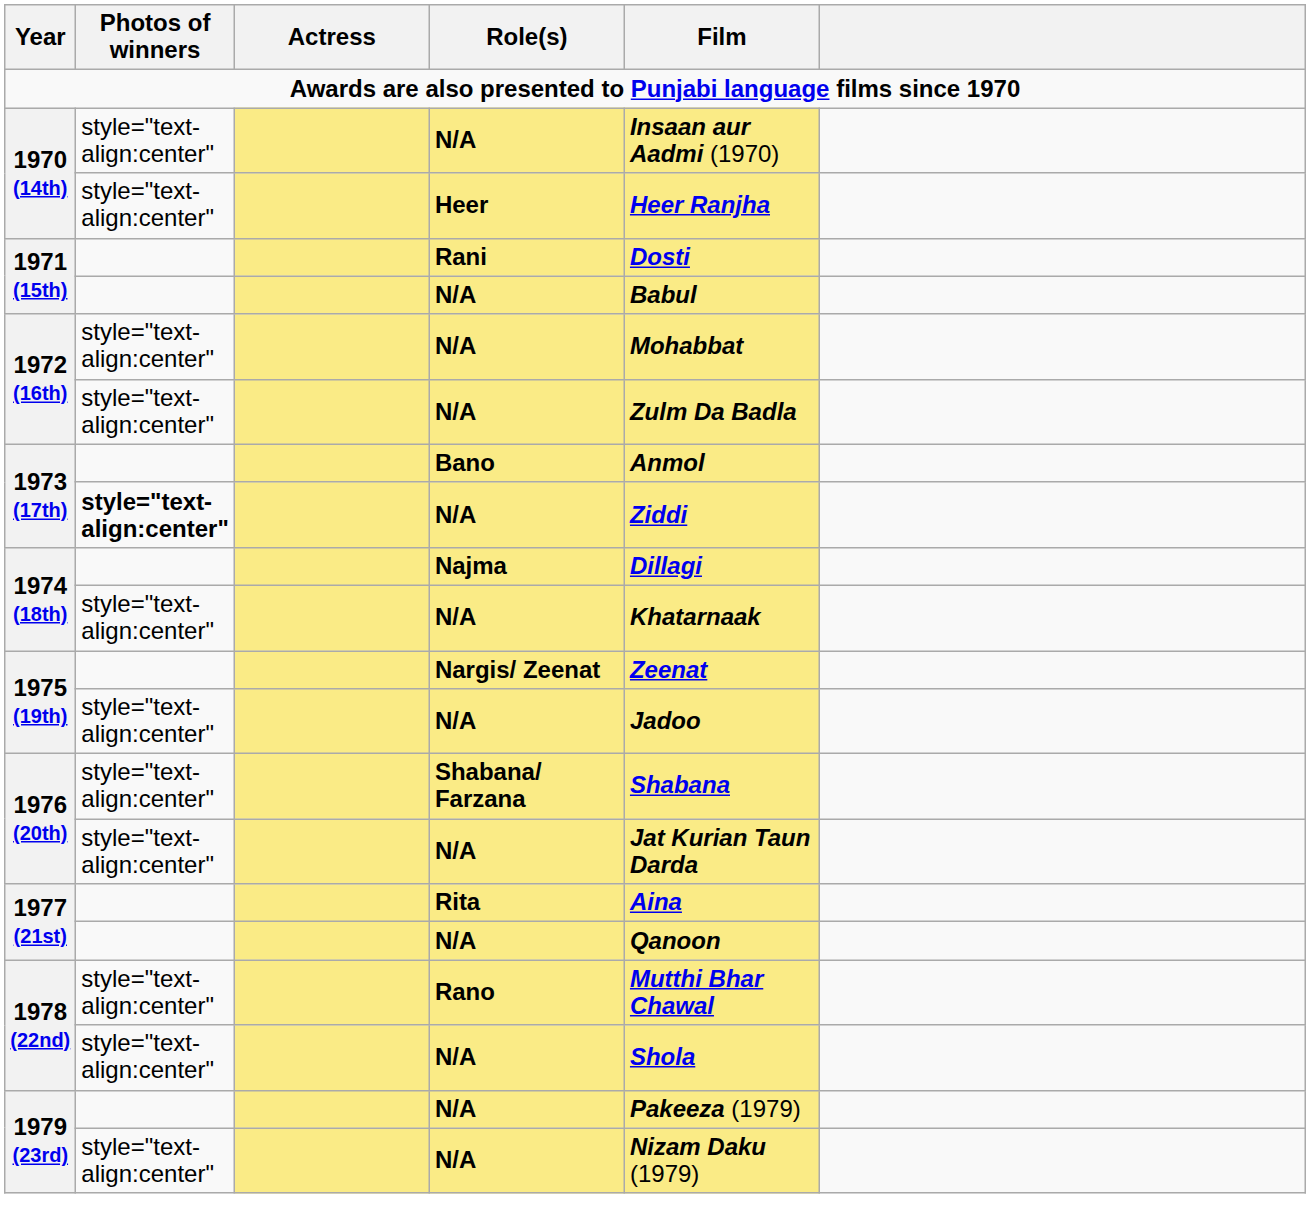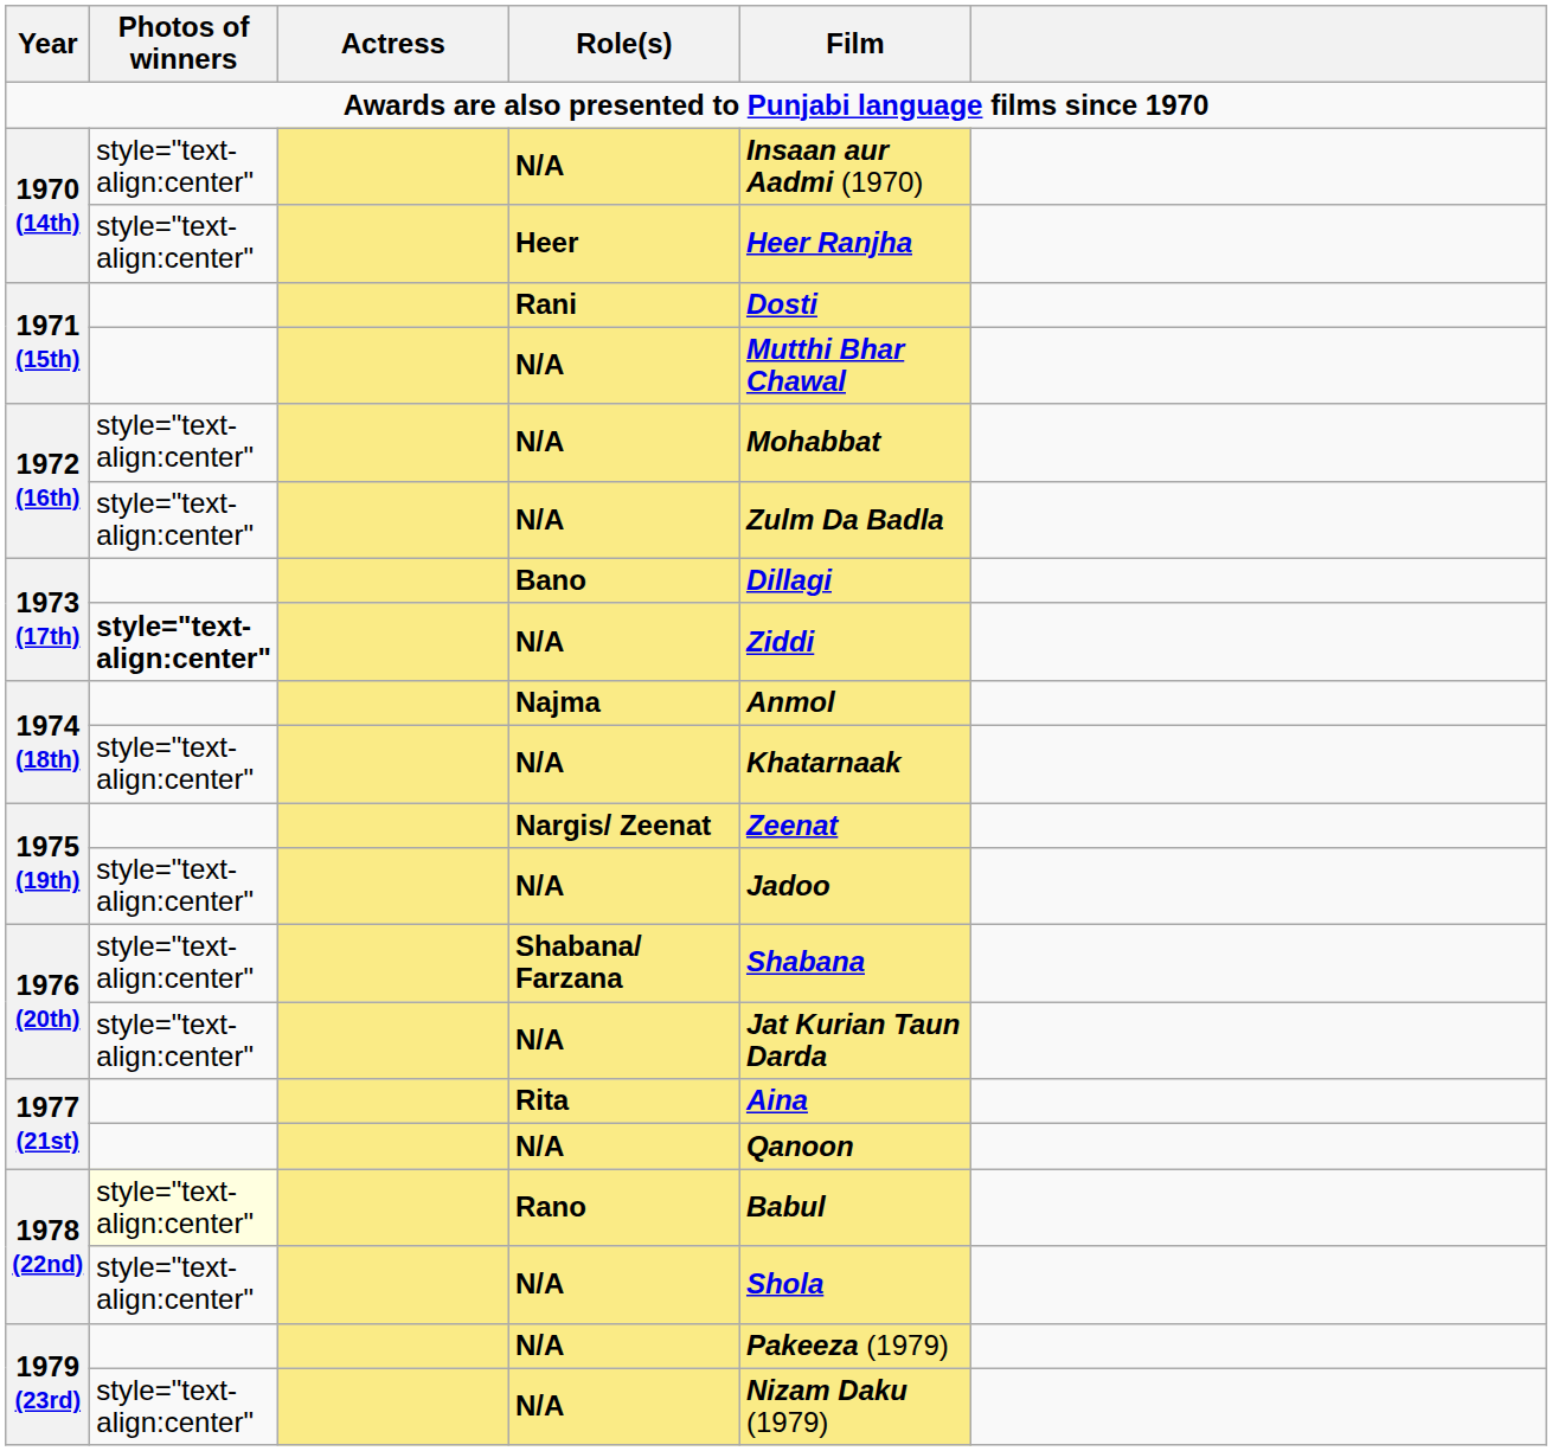 <table class="wikitable sortable" style="text-align:left;">
 <tr>
 <th scope="col" style="width:3%; text-align:center;">Year</th>
 <th scope="col" style="width:3%;text-align:center;">Photos of winners</th>
 <th scope="col" style="width:15%;text-align:center;">Actress</th>
 <th scope="col" style="width:15%;text-align:center;">Role(s)</th>
 <th scope="col" style="width:15%;text-align:center;">Film</th>
 <th scope="col" class="unsortable"></th>
 </tr>
 <tr>
 <td colspan =6 style="text-align:center"><strong>Awards are also presented to <a href='#'>Punjabi language</a> films since 1970</strong></td>
 </tr>
 <tr>
 <th scope="row" rowspan=2 style="text-align:center">1970 <br><small><a href='#'>(14th)</a> </small></th>
 <td>style="text-align:center" </td>
 <td style="background:#FAEB86;"><strong></strong> </td>
 <td style="background:#FAEB86;"><strong>N/A</strong></td>
 <td style="background:#FAEB86;"><strong><em>Insaan aur Aadmi</em></strong> (1970)</td>
 <td></td>
 </tr>
 <tr>
 <td>style="text-align:center" </td>
 <td style="background:#FAEB86;"><strong></strong> </td>
 <td style="background:#FAEB86;"><strong>Heer</strong></td>
 <td style="background:#FAEB86;"><strong><em><a href='#'>Heer Ranjha</a></em></strong></td>
 <td></td>
 </tr>
 <tr>
 <th scope="row" rowspan=2 style="text-align:center">1971 <br><small><a href='#'>(15th)</a> </small></th>
 <td style="text-align:center"></td>
 <td style="background:#FAEB86;"><strong></strong> </td>
 <td style="background:#FAEB86;"><strong>Rani</strong></td>
 <td style="background:#FAEB86;"><strong><em><a href='#'>Dosti</a></em></strong></td>
 <td></td>
 </tr>
 <tr>
 <td style="text-align:center"></td>
 <td style="background:#FAEB86;"><strong></strong> </td>
 <td style="background:#FAEB86;"><strong>N/A</strong></td>
-<td style="background:#FAEB86;"><strong><em>Babul</em></strong></td>
+<td style="background:#FAEB86;"><strong><em><a href='#'>Mutthi Bhar Chawal</a></em></strong></td>
 <td></td>
 </tr>
 <tr>
 <th scope="row" rowspan=2 style="text-align:center">1972 <br><small><a href='#'>(16th)</a> </small></th>
 <td>style="text-align:center" </td>
 <td style="background:#FAEB86;"><strong></strong> </td>
 <td style="background:#FAEB86;"><strong>N/A</strong></td>
 <td style="background:#FAEB86;"><strong><em>Mohabbat</em></strong></td>
 <td></td>
 </tr>
 <tr>
 <td>style="text-align:center" </td>
 <td style="background:#FAEB86;"><strong></strong> </td>
 <td style="background:#FAEB86;"><strong>N/A</strong></td>
 <td style="background:#FAEB86;"><strong><em>Zulm Da Badla</em></strong></td>
 <td></td>
 </tr>
 <tr>
 <th scope="row" rowspan=2 style="text-align:center">1973 <br><small><a href='#'>(17th)</a> </small></th>
 <td style="text-align:center"></td>
 <td style="background:#FAEB86;"><strong></strong> </td>
 <td style="background:#FAEB86;"><strong>Bano</strong></td>
-<td style="background:#FAEB86;"><strong><em>Anmol</em></strong></td>
+<td style="background:#FAEB86;"><strong><em><a href='#'>Dillagi</a></em></strong></td>
 <td></td>
 </tr>
 <tr>
 <td><strong>style="text-align:center" </strong></td>
 <td style="background:#FAEB86;"><strong></strong> </td>
 <td style="background:#FAEB86;"><strong>N/A</strong></td>
 <td style="background:#FAEB86;"><strong><em><a href='#'>Ziddi</a></em></strong></td>
 <td></td>
 </tr>
 <tr>
 <th scope="row" rowspan=2 style="text-align:center">1974 <br><small><a href='#'>(18th)</a> </small></th>
 <td style="text-align:center"></td>
 <td style="background:#FAEB86;"><strong></strong> </td>
 <td style="background:#FAEB86;"><strong>Najma</strong></td>
-<td style="background:#FAEB86;"><strong><em><a href='#'>Dillagi</a></em></strong></td>
+<td style="background:#FAEB86;"><strong><em>Anmol</em></strong></td>
 <td></td>
 </tr>
 <tr>
 <td>style="text-align:center" </td>
 <td style="background:#FAEB86;"><strong></strong> </td>
 <td style="background:#FAEB86;"><strong>N/A</strong></td>
 <td style="background:#FAEB86;"><strong><em>Khatarnaak</em></strong></td>
 <td></td>
 </tr>
 <tr>
 <th scope="row" rowspan=2 style="text-align:center">1975 <br><small><a href='#'>(19th)</a> </small></th>
 <td style="text-align:center"></td>
 <td style="background:#FAEB86;"><strong></strong> </td>
 <td style="background:#FAEB86;"><strong>Nargis/ Zeenat</strong></td>
 <td style="background:#FAEB86;"><strong><em><a href='#'>Zeenat</a></em></strong></td>
 <td></td>
 </tr>
 <tr>
 <td>style="text-align:center" </td>
 <td style="background:#FAEB86;"><strong></strong> </td>
 <td style="background:#FAEB86;"><strong>N/A</strong></td>
 <td style="background:#FAEB86;"><strong><em>Jadoo</em></strong></td>
 <td></td>
 </tr>
 <tr>
 <th scope="row" rowspan=2 style="text-align:center">1976 <br><small><a href='#'>(20th)</a> </small></th>
 <td>style="text-align:center" </td>
 <td style="background:#FAEB86;"><strong></strong> </td>
 <td style="background:#FAEB86;"><strong>Shabana/ Farzana</strong></td>
 <td style="background:#FAEB86;"><strong><em><a href='#'>Shabana</a></em></strong></td>
 <td></td>
 </tr>
 <tr>
 <td>style="text-align:center" </td>
 <td style="background:#FAEB86;"><strong></strong> </td>
 <td style="background:#FAEB86;"><strong>N/A</strong></td>
 <td style="background:#FAEB86;"><strong><em>Jat Kurian Taun Darda</em></strong></td>
 <td></td>
 </tr>
 <tr>
 <th scope="row" rowspan=2 style="text-align:center">1977 <br><small><a href='#'>(21st)</a> </small></th>
 <td style="text-align:center"></td>
 <td style="background:#FAEB86;"><strong></strong> </td>
 <td style="background:#FAEB86;"><strong>Rita</strong></td>
 <td style="background:#FAEB86;"><strong><em><a href='#'>Aina</a></em></strong></td>
 <td></td>
 </tr>
 <tr>
 <td style="text-align:center"></td>
 <td style="background:#FAEB86;"><strong></strong> </td>
 <td style="background:#FAEB86;"><strong>N/A</strong></td>
 <td style="background:#FAEB86;"><strong><em>Qanoon</em></strong></td>
 <td></td>
 </tr>
 <tr>
 <th scope="row" rowspan=2 style="text-align:center">1978 <br><small><a href='#'>(22nd)</a> </small></th>
-<td>style="text-align:center" </td>
+<td style="background: lightyellow;">style="text-align:center" </td>
 <td style="background:#FAEB86;"><strong></strong> </td>
 <td style="background:#FAEB86;"><strong>Rano</strong></td>
-<td style="background:#FAEB86;"><strong><em><a href='#'>Mutthi Bhar Chawal</a></em></strong></td>
+<td style="background:#FAEB86;"><strong><em>Babul</em></strong></td>
 <td></td>
 </tr>
 <tr>
 <td>style="text-align:center" </td>
 <td style="background:#FAEB86;"><strong></strong> </td>
 <td style="background:#FAEB86;"><strong>N/A</strong></td>
 <td style="background:#FAEB86;"><strong><em><a href='#'>Shola</a></em></strong></td>
 <td></td>
 </tr>
 <tr>
 <th scope="row" rowspan=2 style="text-align:center">1979 <br><small><a href='#'>(23rd)</a> </small></th>
 <td style="text-align:center"></td>
 <td style="background:#FAEB86;"><strong></strong> </td>
 <td style="background:#FAEB86;"><strong>N/A</strong></td>
 <td style="background:#FAEB86;"><strong><em>Pakeeza</em></strong> (1979)</td>
 <td></td>
 </tr>
 <tr>
 <td>style="text-align:center" </td>
 <td style="background:#FAEB86;"><strong></strong> </td>
 <td style="background:#FAEB86;"><strong>N/A</strong></td>
 <td style="background:#FAEB86;"><strong><em>Nizam Daku</em></strong> (1979)</td>
 <td></td>
 </tr>
 </table>
